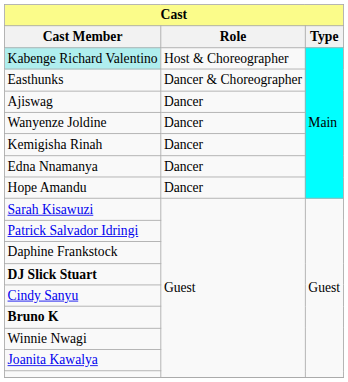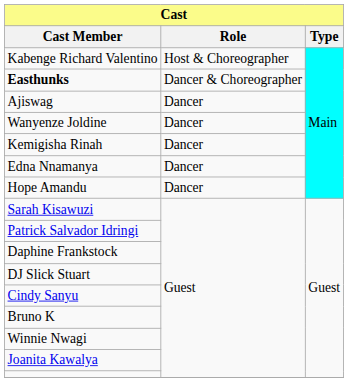 <table class="wikitable" width="">
 <tr>
 <th colspan="6" style="background: #FBFC8A;">Cast</th>
 </tr>
 <tr style="background:#ccc; text-align:center;">
 <th>Cast Member</th>
 <th>Role</th>
 <th>Type</th>
 </tr>
 <tr>
-<td style="background: paleturquoise;">Kabenge Richard Valentino</td>
+<td>Kabenge Richard Valentino</td>
 <td>Host & Choreographer</td>
 <td rowspan="7" style="background: #00FFFF;">Main</td>
 </tr>
 <tr>
-<td>Easthunks</td>
+<td><strong>Easthunks</strong></td>
 <td>Dancer & Choreographer</td>
 </tr>
 <tr>
 <td>Ajiswag</td>
 <td>Dancer</td>
 </tr>
 <tr>
 <td>Wanyenze Joldine</td>
 <td>Dancer</td>
 </tr>
 <tr>
 <td>Kemigisha Rinah</td>
 <td>Dancer</td>
 </tr>
 <tr>
 <td>Edna Nnamanya</td>
 <td>Dancer</td>
 </tr>
 <tr>
 <td>Hope Amandu</td>
 <td>Dancer</td>
 </tr>
 <tr>
 <td><a href='#'>Sarah Kisawuzi</a></td>
 <td rowspan="9">Guest</td>
 <td rowspan="9">Guest</td>
 </tr>
 <tr>
 <td><a href='#'>Patrick Salvador Idringi</a></td>
 </tr>
 <tr>
 <td>Daphine Frankstock</td>
 </tr>
 <tr>
-<td><strong>DJ Slick Stuart</strong></td>
+<td>DJ Slick Stuart</td>
 </tr>
 <tr>
 <td><a href='#'>Cindy Sanyu</a></td>
 </tr>
 <tr>
-<td><strong>Bruno K</strong></td>
+<td>Bruno K</td>
 </tr>
 <tr>
 <td>Winnie Nwagi</td>
 </tr>
 <tr>
 <td><a href='#'>Joanita Kawalya</a></td>
 </tr>
 <tr>
 <td></td>
 </tr>
 <tr>
 </tr>
 </table>
